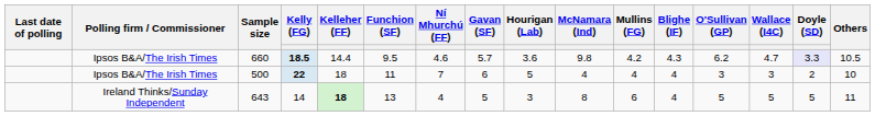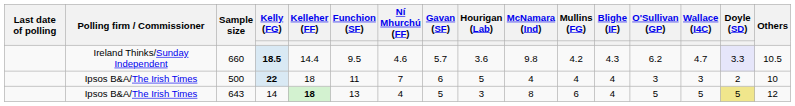 <table class="wikitable sortable collapsible" style="text-align:center;font-size:95%;">
 <tr style="height:42px;">
 <th style="width:110px;" rowspan="2">Last date<br>of polling</th>
 <th style="width:300px;" rowspan="2">Polling firm / Commissioner</th>
 <th class="unsortable" style="width:50px;" rowspan="2">Sample<br>size</th>
 <th class="unsortable" style="width:50px;"><a href='#'>Kelly</a> (<a href='#'>FG</a>)</th>
 <th class="unsortable" style="width:50px;"><a href='#'>Kelleher</a> (<a href='#'>FF</a>)</th>
 <th class="unsortable" style="width:50px;"><a href='#'>Funchion</a> (<a href='#'>SF</a>)</th>
 <th class="unsortable" style="width:50px;"><a href='#'>Ní Mhurchú</a> (<a href='#'>FF</a>)</th>
 <th class="unsortable" style="width:50px;"><a href='#'>Gavan</a> (<a href='#'>SF</a>)</th>
 <th class="unsortable" style="width:50px;">Hourigan (<a href='#'>Lab</a>)</th>
 <th class="unsortable" style="width:50px;"><a href='#'>McNamara</a>  (<a href='#'>Ind</a>)</th>
 <th class="unsortable" style="width:50px;">Mullins (<a href='#'>FG</a>)</th>
 <th class="unsortable" style="width:50px;"><a href='#'>Blighe</a> (<a href='#'>IF</a>)</th>
 <th class="unsortable" style="width:50px;"><a href='#'>O'Sullivan</a> (<a href='#'>GP</a>)</th>
 <th class="unsortable" style="width:50px;"><a href='#'>Wallace</a> (<a href='#'>I4C</a>)</th>
 <th class="unsortable" style="width:50px;">Doyle (<a href='#'>SD</a>)</th>
 <th class="unsortable" style="width:50px;" rowspan="2">Others</th>
 </tr>
 <tr>
 <th style="color:inherit;background:"></th>
 <th style="color:inherit;background:"></th>
 <th style="color:inherit;background:"></th>
 <th style="color:inherit;background:"></th>
 <th style="color:inherit;background:"></th>
 <th style="color:inherit;background:"></th>
 <th style="color:inherit;background:"></th>
 <th style="color:inherit;background:"></th>
 <th style="color:inherit;background:"></th>
 <th style="color:inherit;background:"></th>
 <th style="color:inherit;background:"></th>
 <th style="color:inherit;background:"></th>
 </tr>
 <tr>
 <td></td>
-<td data-sort-value="Ipsos1">Ipsos B&A/<a href='#'>The Irish Times</a></td>
+<td data-sort-value="Ireland Thinks">Ireland Thinks/<a href='#'>Sunday Independent</a></td>
 <td>660</td>
 <td style="background:#D9E9F4"><strong>18.5</strong></td>
 <td>14.4</td>
 <td>9.5</td>
 <td>4.6</td>
 <td>5.7</td>
 <td>3.6</td>
 <td>9.8</td>
 <td>4.2</td>
 <td>4.3</td>
 <td>6.2</td>
 <td>4.7</td>
 <td style="background: lavender;">3.3</td>
 <td>10.5</td>
 </tr>
 <tr>
 <td></td>
 <td data-sort-value="Ipsos1">Ipsos B&A/<a href='#'>The Irish Times</a></td>
 <td>500</td>
 <td style="background:#D9E9F4"><strong>22</strong></td>
 <td>18</td>
 <td>11</td>
 <td>7</td>
 <td>6</td>
 <td>5</td>
 <td>4</td>
 <td>4</td>
 <td>4</td>
 <td>3</td>
 <td>3</td>
 <td>2</td>
 <td>10</td>
 </tr>
 <tr>
 <td></td>
-<td data-sort-value="Ireland Thinks">Ireland Thinks/<a href='#'>Sunday Independent</a></td>
+<td data-sort-value="Ipsos1">Ipsos B&A/<a href='#'>The Irish Times</a></td>
 <td>643</td>
 <td>14</td>
 <td style="background:#D3F2D0"><strong>18</strong></td>
 <td>13</td>
 <td>4</td>
 <td>5</td>
 <td>3</td>
 <td>8</td>
 <td>6</td>
 <td>4</td>
 <td>5</td>
 <td>5</td>
-<td>5</td>
-<td>11</td>
+<td style="background: khaki;">5</td>
+<td>12</td>
 </tr>
 </table>
